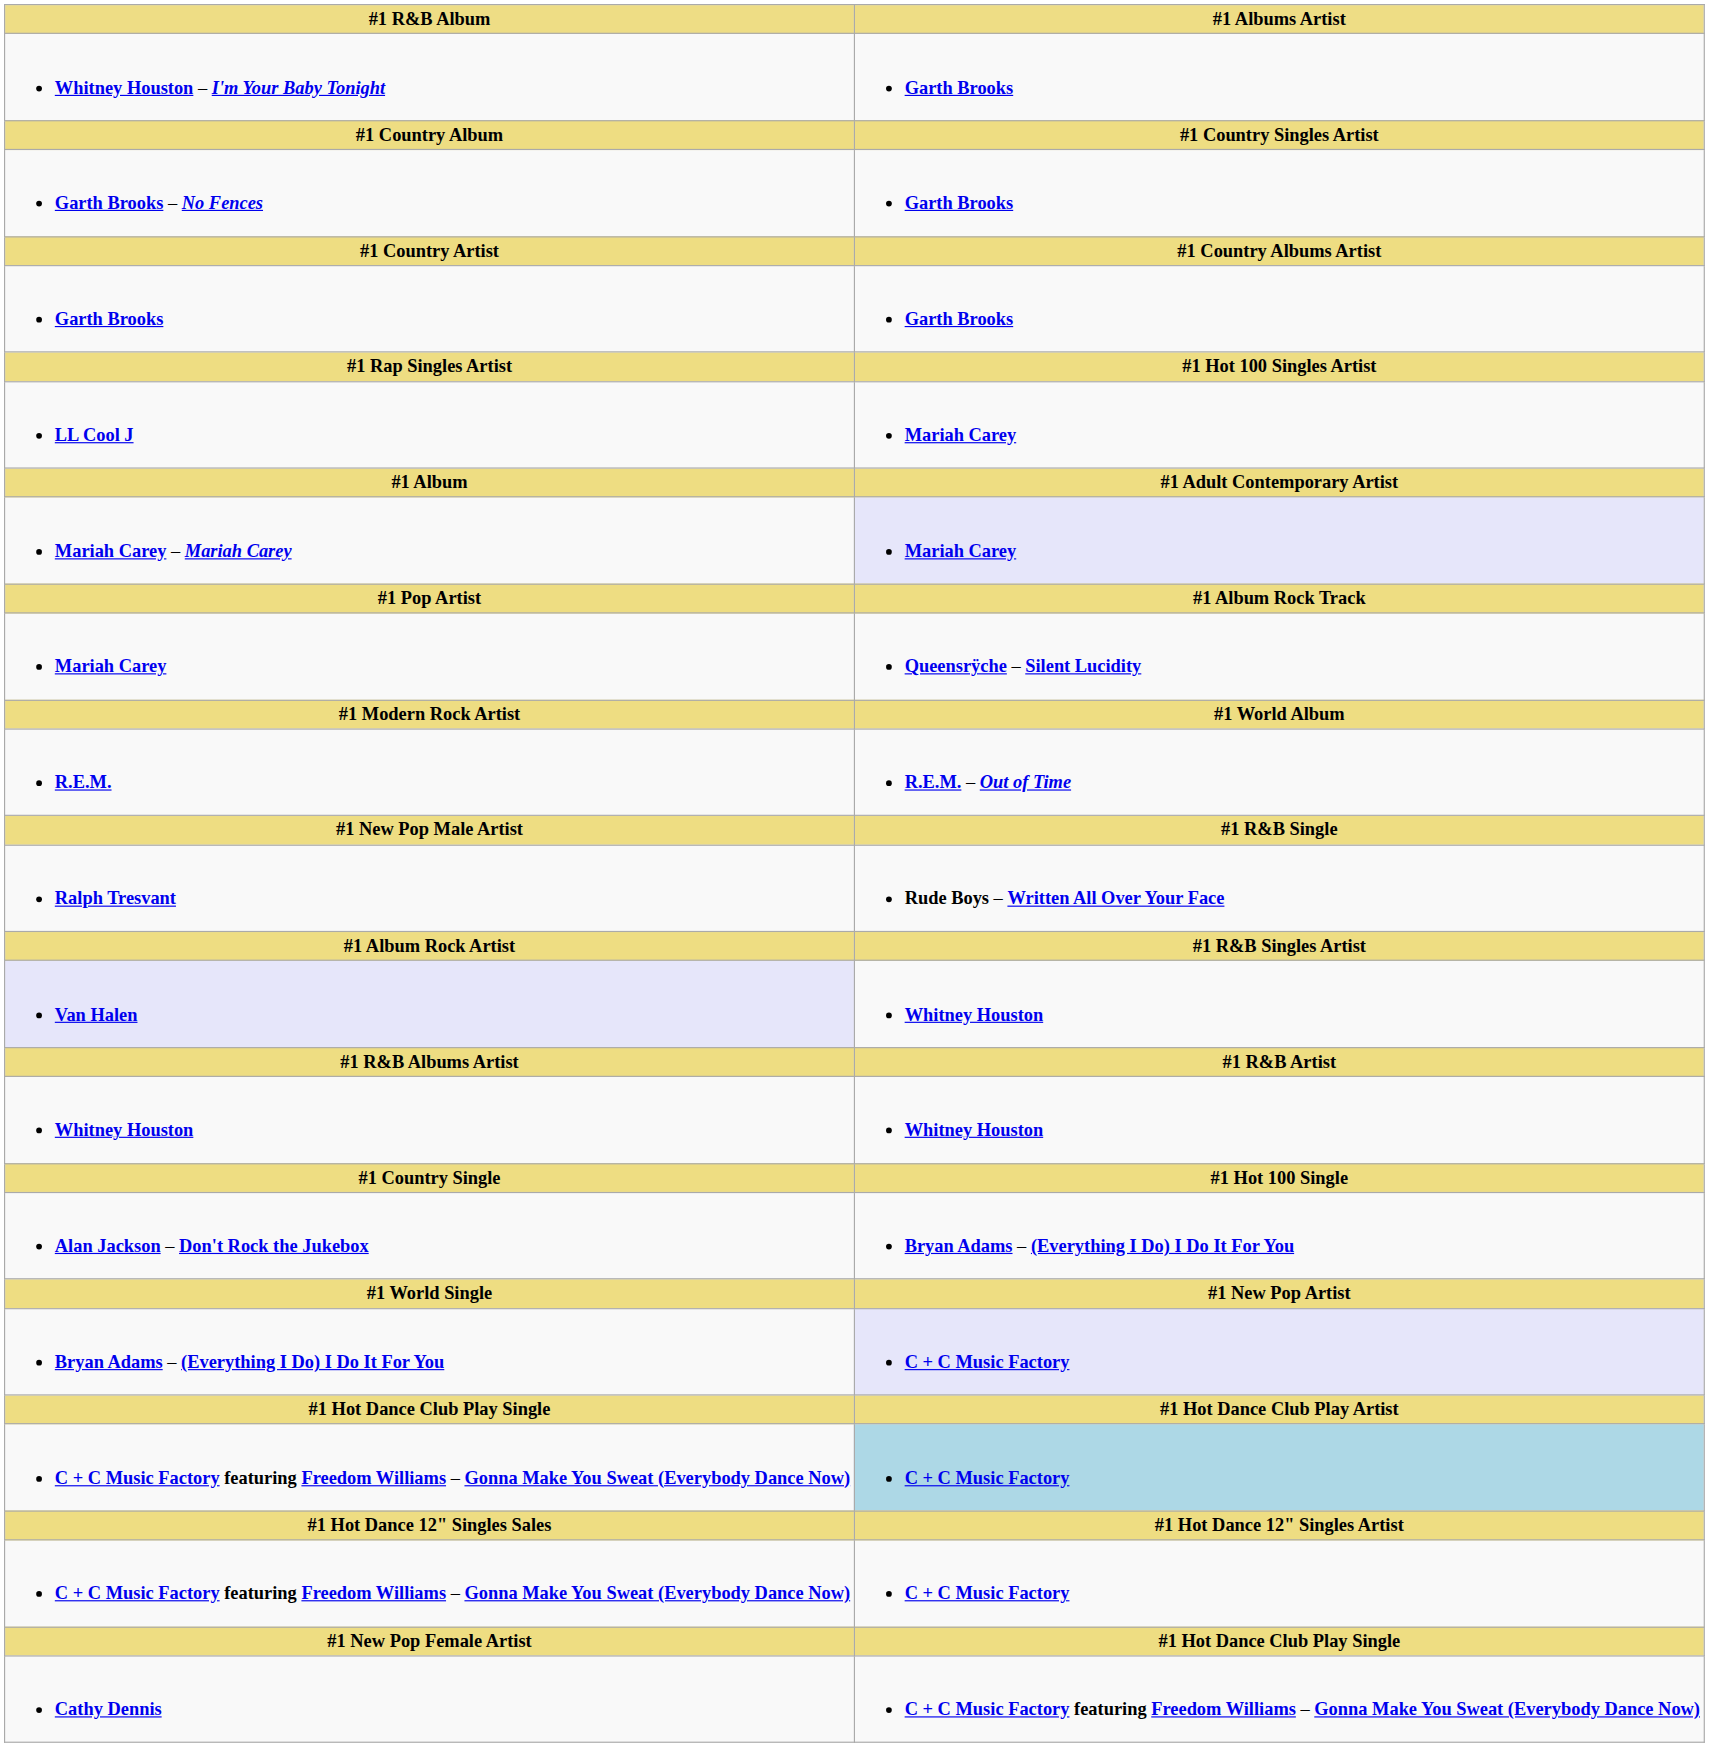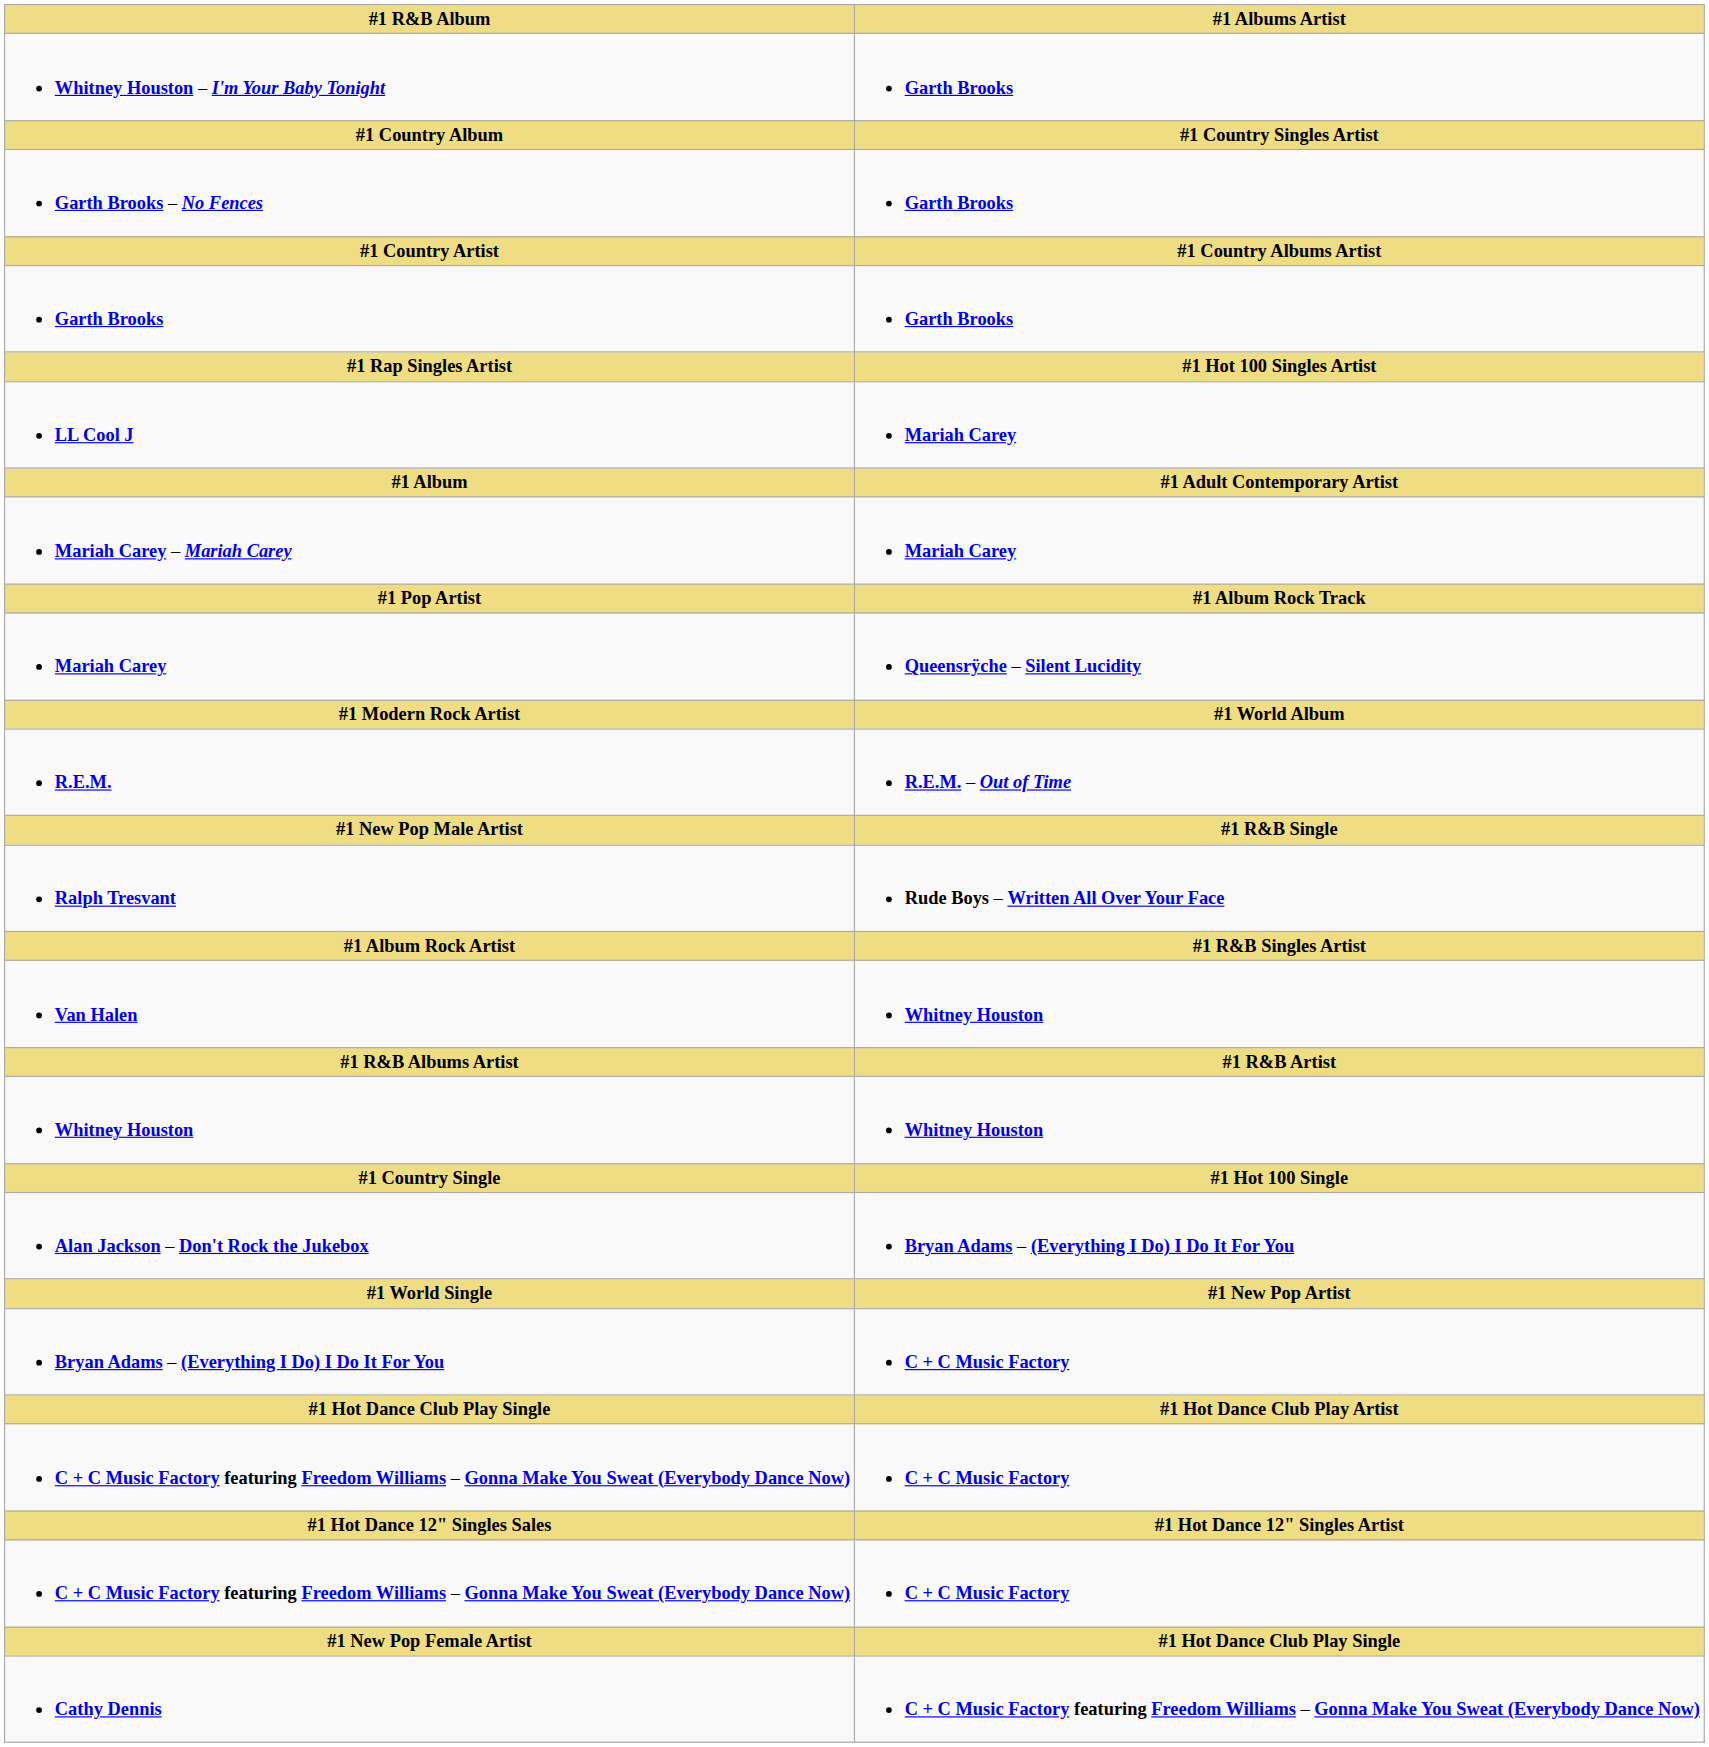 <table class=wikitable>
 <tr>
 <th style="background:#EEDD85; width=50%">#1 R&B Album</th>
 <th style="background:#EEDD85; width=50%">#1 Albums Artist</th>
 </tr>
 <tr>
 <td valign="top"><br><ul><li><strong><a href='#'>Whitney Houston</a></strong> – <strong><em><a href='#'>I'm Your Baby Tonight</a></em></strong></li></ul></td>
 <td valign="top"><br><ul><li><strong><a href='#'>Garth Brooks</a></strong></li></ul></td>
 </tr>
 <tr>
 <th style="background:#EEDD82; width=50%">#1 Country Album</th>
 <th style="background:#EEDD82; width=50%">#1 Country Singles Artist</th>
 </tr>
 <tr>
 <td valign="top"><br><ul><li><strong><a href='#'>Garth Brooks</a></strong> – <strong><em><a href='#'>No Fences</a></em></strong></li></ul></td>
 <td valign="top"><br><ul><li><strong><a href='#'>Garth Brooks</a></strong></li></ul></td>
 </tr>
 <tr>
 <th style="background:#EEDD82; width=50%">#1 Country Artist</th>
 <th style="background:#EEDD82; width=50%">#1 Country Albums Artist</th>
 </tr>
 <tr>
 <td valign="top"><br><ul><li><strong><a href='#'>Garth Brooks</a></strong></li></ul></td>
 <td valign="top"><br><ul><li><strong><a href='#'>Garth Brooks</a></strong></li></ul></td>
 </tr>
 <tr>
 <th style="background:#EEDD82; width=50%">#1 Rap Singles Artist</th>
 <th style="background:#EEDD82; width=50%">#1 Hot 100 Singles Artist</th>
 </tr>
 <tr>
 <td valign="top"><br><ul><li><strong><a href='#'>LL Cool J</a></strong></li></ul></td>
 <td valign="top"><br><ul><li><strong><a href='#'>Mariah Carey</a></strong></li></ul></td>
 </tr>
 <tr Ominous Winds >
 <th style="background:#EEDD82; width=50%">#1 Album</th>
 <th style="background:#EEDD82; width=50%">#1 Adult Contemporary Artist</th>
 </tr>
 <tr>
 <td valign="top"><br><ul><li><strong><a href='#'>Mariah Carey</a></strong> – <strong><em><a href='#'>Mariah Carey</a></em></strong></li></ul></td>
-<td valign="top" style="background: lavender;"><br><ul><li><strong><a href='#'>Mariah Carey</a></strong></li></ul></td>
+<td valign="top"><br><ul><li><strong><a href='#'>Mariah Carey</a></strong></li></ul></td>
 </tr>
 <tr>
 <th style="background:#EEDD82; width=50%">#1 Pop Artist</th>
 <th style="background:#EEDD82; width=50%">#1 Album Rock Track</th>
 </tr>
 <tr>
 <td valign="top"><br><ul><li><strong><a href='#'>Mariah Carey</a></strong></li></ul></td>
 <td valign="top"><br><ul><li><strong><a href='#'>Queensrÿche</a></strong> – <strong><a href='#'>Silent Lucidity</a></strong></li></ul></td>
 </tr>
 <tr>
 <th style="background:#EEDD82; width=50%">#1 Modern Rock Artist</th>
 <th style="background:#EEDD82; width=50%">#1 World Album</th>
 </tr>
 <tr>
 <td valign="top"><br><ul><li><strong><a href='#'>R.E.M.</a></strong></li></ul></td>
 <td valign="top"><br><ul><li><strong><a href='#'>R.E.M.</a></strong> – <strong><em><a href='#'>Out of Time</a></em></strong></li></ul></td>
 </tr>
 <tr>
 <th style="background:#EEDD82; width=50%">#1 New Pop Male Artist</th>
 <th style="background:#EEDD82; width=50%">#1 R&B Single</th>
 </tr>
 <tr>
 <td valign="top"><br><ul><li><strong><a href='#'>Ralph Tresvant</a></strong></li></ul></td>
 <td valign="top"><br><ul><li><strong>Rude Boys</strong> – <strong><a href='#'>Written All Over Your Face</a></strong></li></ul></td>
 </tr>
 <tr>
 <th style="background:#EEDD82; width=50%">#1 Album Rock Artist</th>
 <th style="background:#EEDD82; width=50%">#1 R&B Singles Artist</th>
 </tr>
 <tr>
-<td valign="top" style="background: lavender;"><br><ul><li><strong><a href='#'>Van Halen</a></strong></li></ul></td>
+<td valign="top"><br><ul><li><strong><a href='#'>Van Halen</a></strong></li></ul></td>
 <td valign="top"><br><ul><li><strong><a href='#'>Whitney Houston</a></strong></li></ul></td>
 </tr>
 <tr>
 <th style="background:#EEDD82; width=50%">#1 R&B Albums Artist</th>
 <th style="background:#EEDD82; width=50%">#1 R&B Artist</th>
 </tr>
 <tr>
 <td valign="top"><br><ul><li><strong><a href='#'>Whitney Houston</a></strong></li></ul></td>
 <td valign="top"><br><ul><li><strong><a href='#'>Whitney Houston</a></strong></li></ul></td>
 </tr>
 <tr>
 <th style="background:#EEDD82; width=50%">#1 Country Single</th>
 <th style="background:#EEDD82; width=50%">#1 Hot 100 Single</th>
 </tr>
 <tr>
 <td valign="top"><br><ul><li><strong><a href='#'>Alan Jackson</a></strong> – <strong><a href='#'>Don't Rock the Jukebox</a></strong></li></ul></td>
 <td valign="top"><br><ul><li><strong><a href='#'>Bryan Adams</a></strong> – <strong><a href='#'>(Everything I Do) I Do It For You</a></strong></li></ul></td>
 </tr>
 <tr>
 <th style="background:#EEDD82; width=50%">#1 World Single</th>
 <th style="background:#EEDD82; width=50%">#1 New Pop Artist</th>
 </tr>
 <tr>
 <td valign="top"><br><ul><li><strong><a href='#'>Bryan Adams</a></strong> – <strong><a href='#'>(Everything I Do) I Do It For You</a></strong></li></ul></td>
-<td valign="top" style="background: lavender;"><br><ul><li><strong><a href='#'>C + C Music Factory</a></strong></li></ul></td>
+<td valign="top"><br><ul><li><strong><a href='#'>C + C Music Factory</a></strong></li></ul></td>
 </tr>
 <tr>
 <th style="background:#EEDD82; width=50%">#1 Hot Dance Club Play Single</th>
 <th style="background:#EEDD82; width=50%">#1 Hot Dance Club Play Artist</th>
 </tr>
 <tr>
 <td valign="top"><br><ul><li><strong><a href='#'>C + C Music Factory</a> featuring <a href='#'>Freedom Williams</a></strong> – <strong><a href='#'>Gonna Make You Sweat (Everybody Dance Now)</a></strong></li></ul></td>
-<td valign="top" style="background: lightblue;"><br><ul><li><strong><a href='#'>C + C Music Factory</a></strong></li></ul></td>
+<td valign="top"><br><ul><li><strong><a href='#'>C + C Music Factory</a></strong></li></ul></td>
 </tr>
 <tr>
 <th style="background:#EEDD82; width=50%">#1 Hot Dance 12" Singles Sales</th>
 <th style="background:#EEDD82; width=50%">#1 Hot Dance 12" Singles Artist</th>
 </tr>
 <tr>
 <td valign="top"><br><ul><li><strong><a href='#'>C + C Music Factory</a> featuring <a href='#'>Freedom Williams</a></strong> – <strong><a href='#'>Gonna Make You Sweat (Everybody Dance Now)</a></strong></li></ul></td>
 <td valign="top"><br><ul><li><strong><a href='#'>C + C Music Factory</a></strong></li></ul></td>
 </tr>
 <tr>
 <th style="background:#EEDD82; width=50%">#1 New Pop Female Artist</th>
 <th style="background:#EEDD82; width=50%">#1 Hot Dance Club Play Single</th>
 </tr>
 <tr>
 <td valign="top"><br><ul><li><strong><a href='#'>Cathy Dennis</a></strong></li></ul></td>
 <td valign="top"><br><ul><li><strong><a href='#'>C + C Music Factory</a> featuring <a href='#'>Freedom Williams</a></strong> – <strong><a href='#'>Gonna Make You Sweat (Everybody Dance Now)</a></strong></li></ul></td>
 </tr>
 </table>
